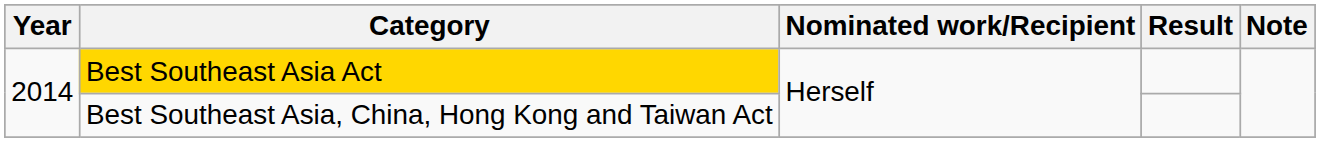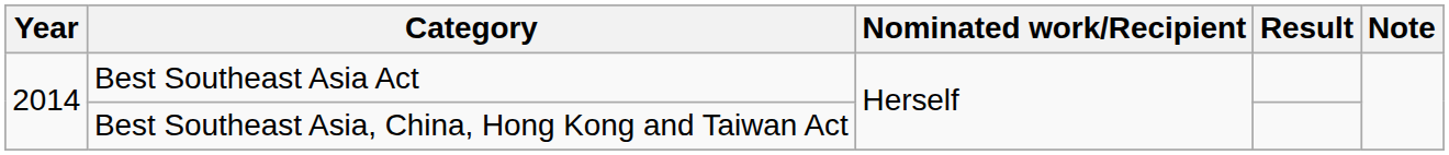 <table class="wikitable">
 <tr>
 <th>Year</th>
 <th>Category</th>
 <th>Nominated work/Recipient</th>
 <th>Result</th>
 <th>Note</th>
 </tr>
 <tr>
 <td rowspan="2">2014</td>
-<td style="background: gold;">Best Southeast Asia Act</td>
+<td>Best Southeast Asia Act</td>
 <td rowspan="2">Herself</td>
 <td></td>
 <td rowspan="2"></td>
 </tr>
 <tr>
 <td>Best Southeast Asia, China, Hong Kong and Taiwan Act</td>
 <td></td>
 </tr>
 </table>
